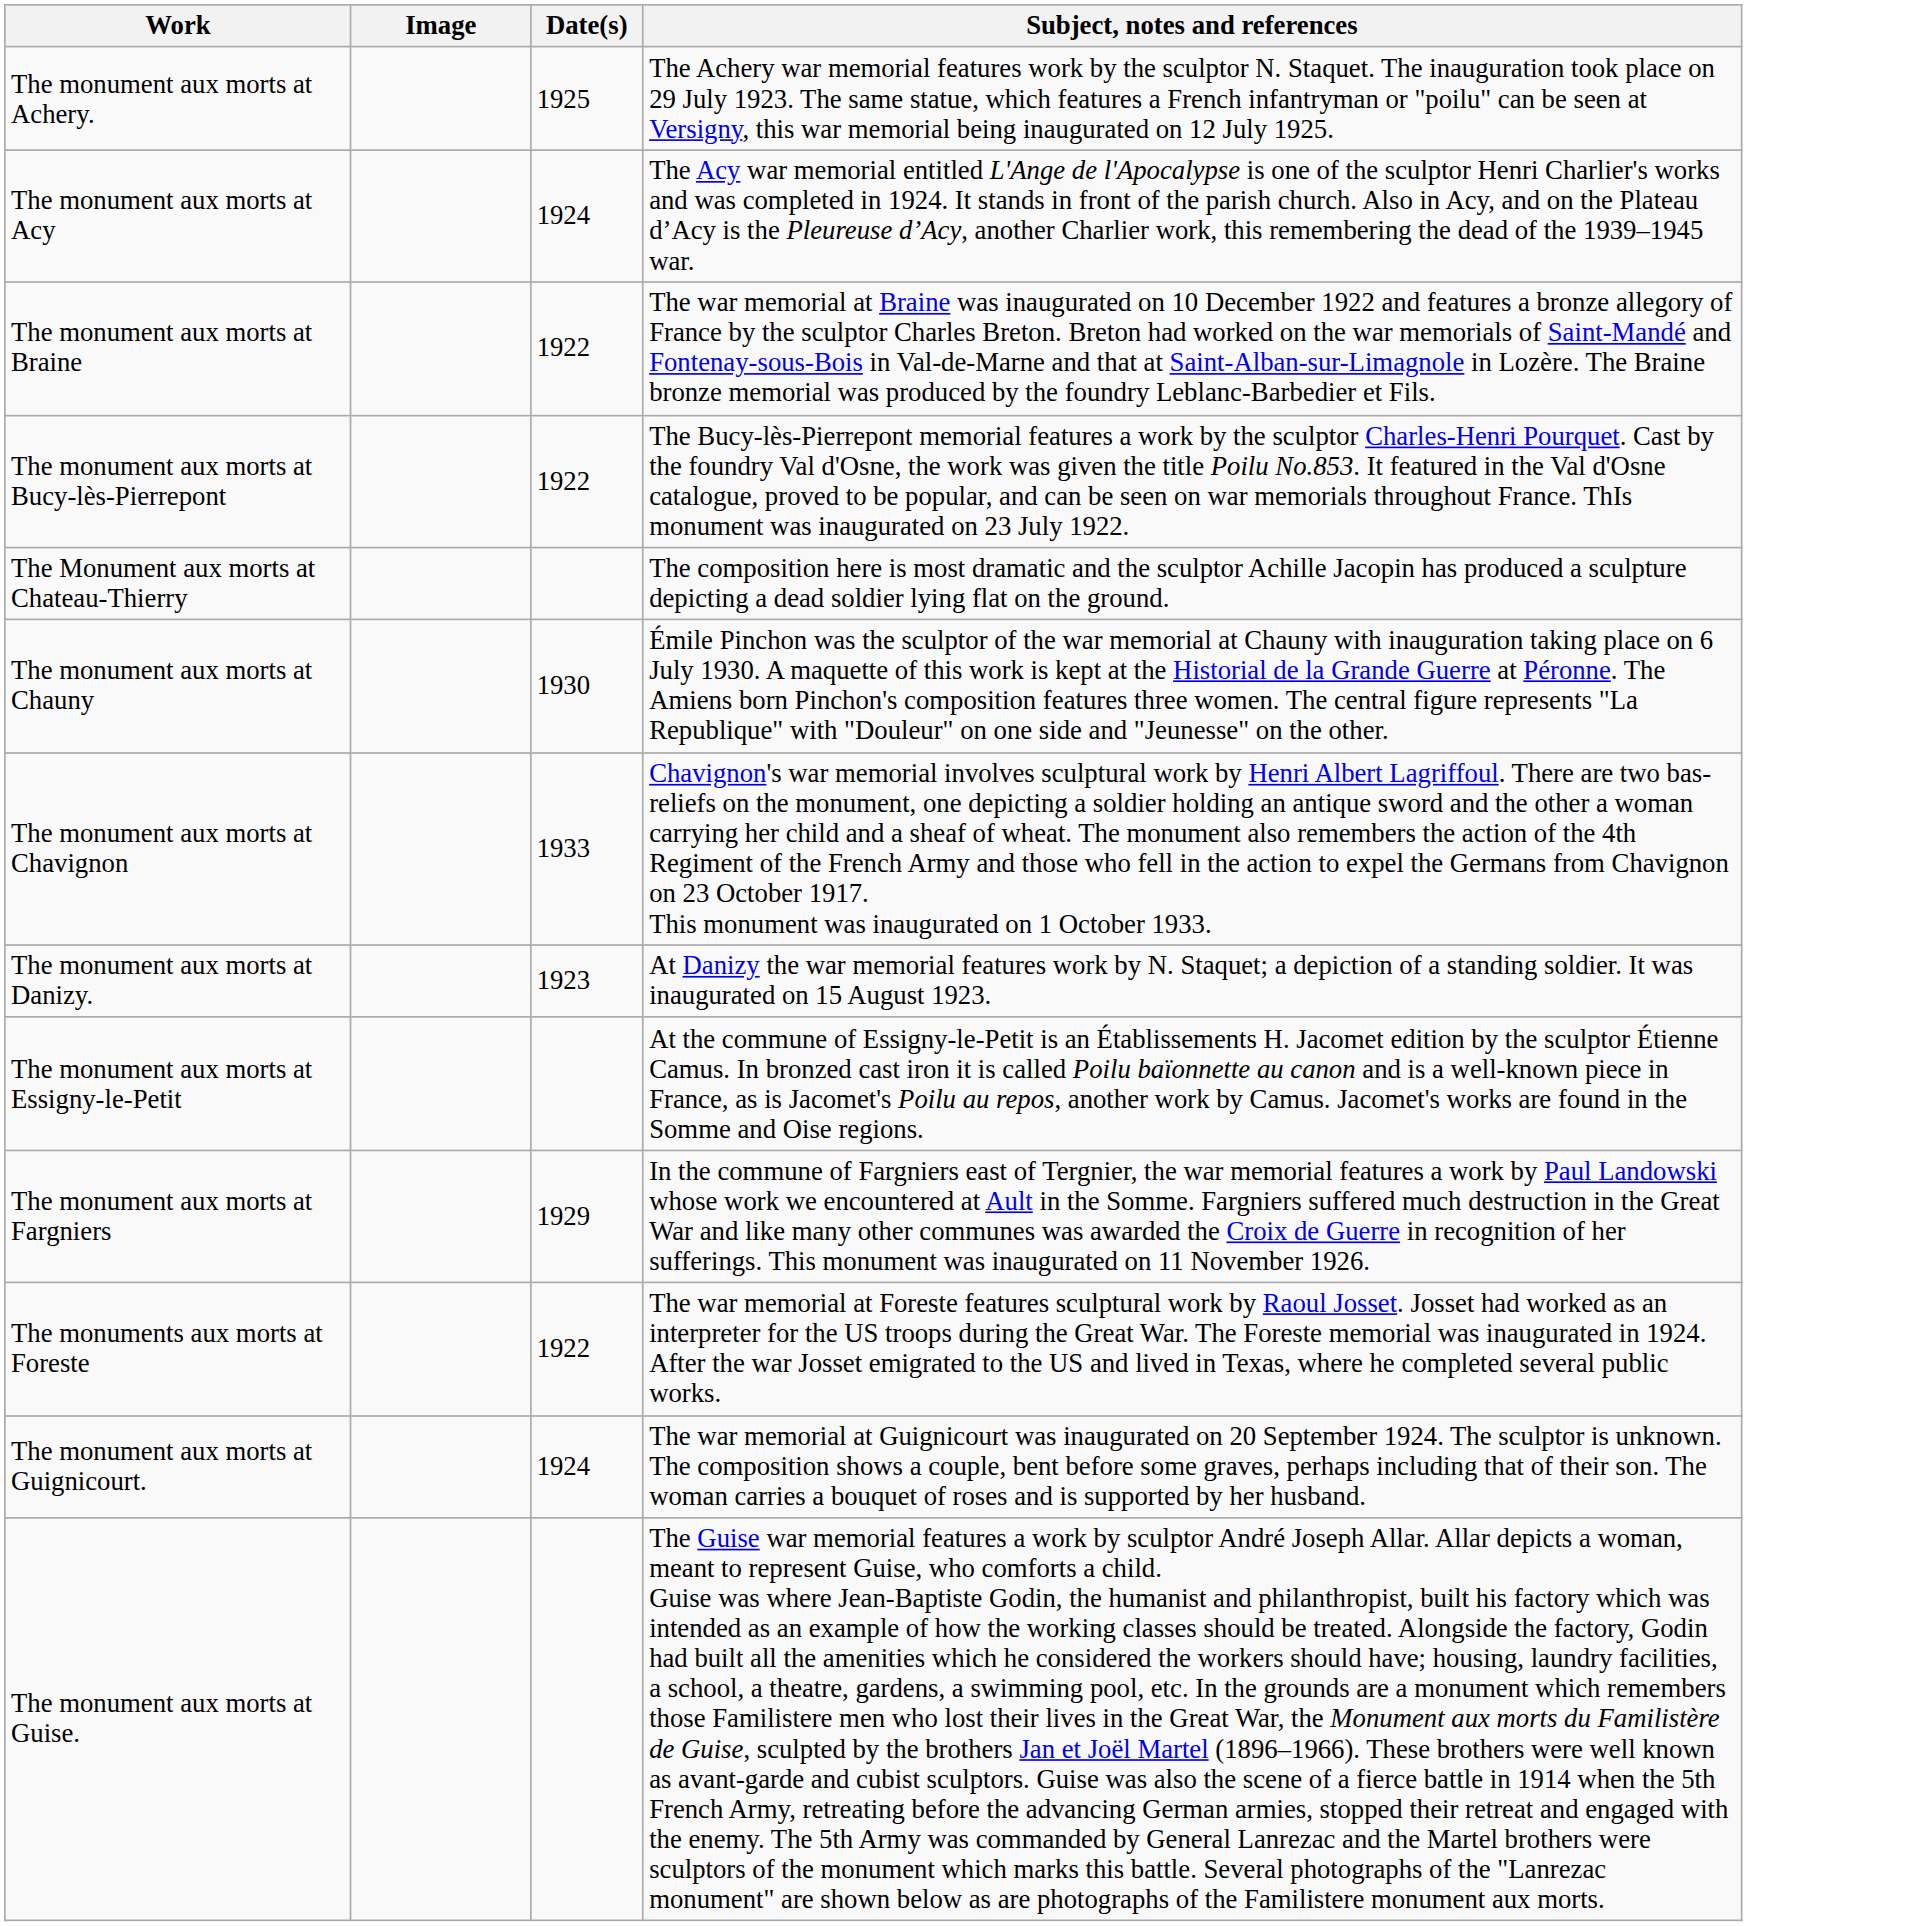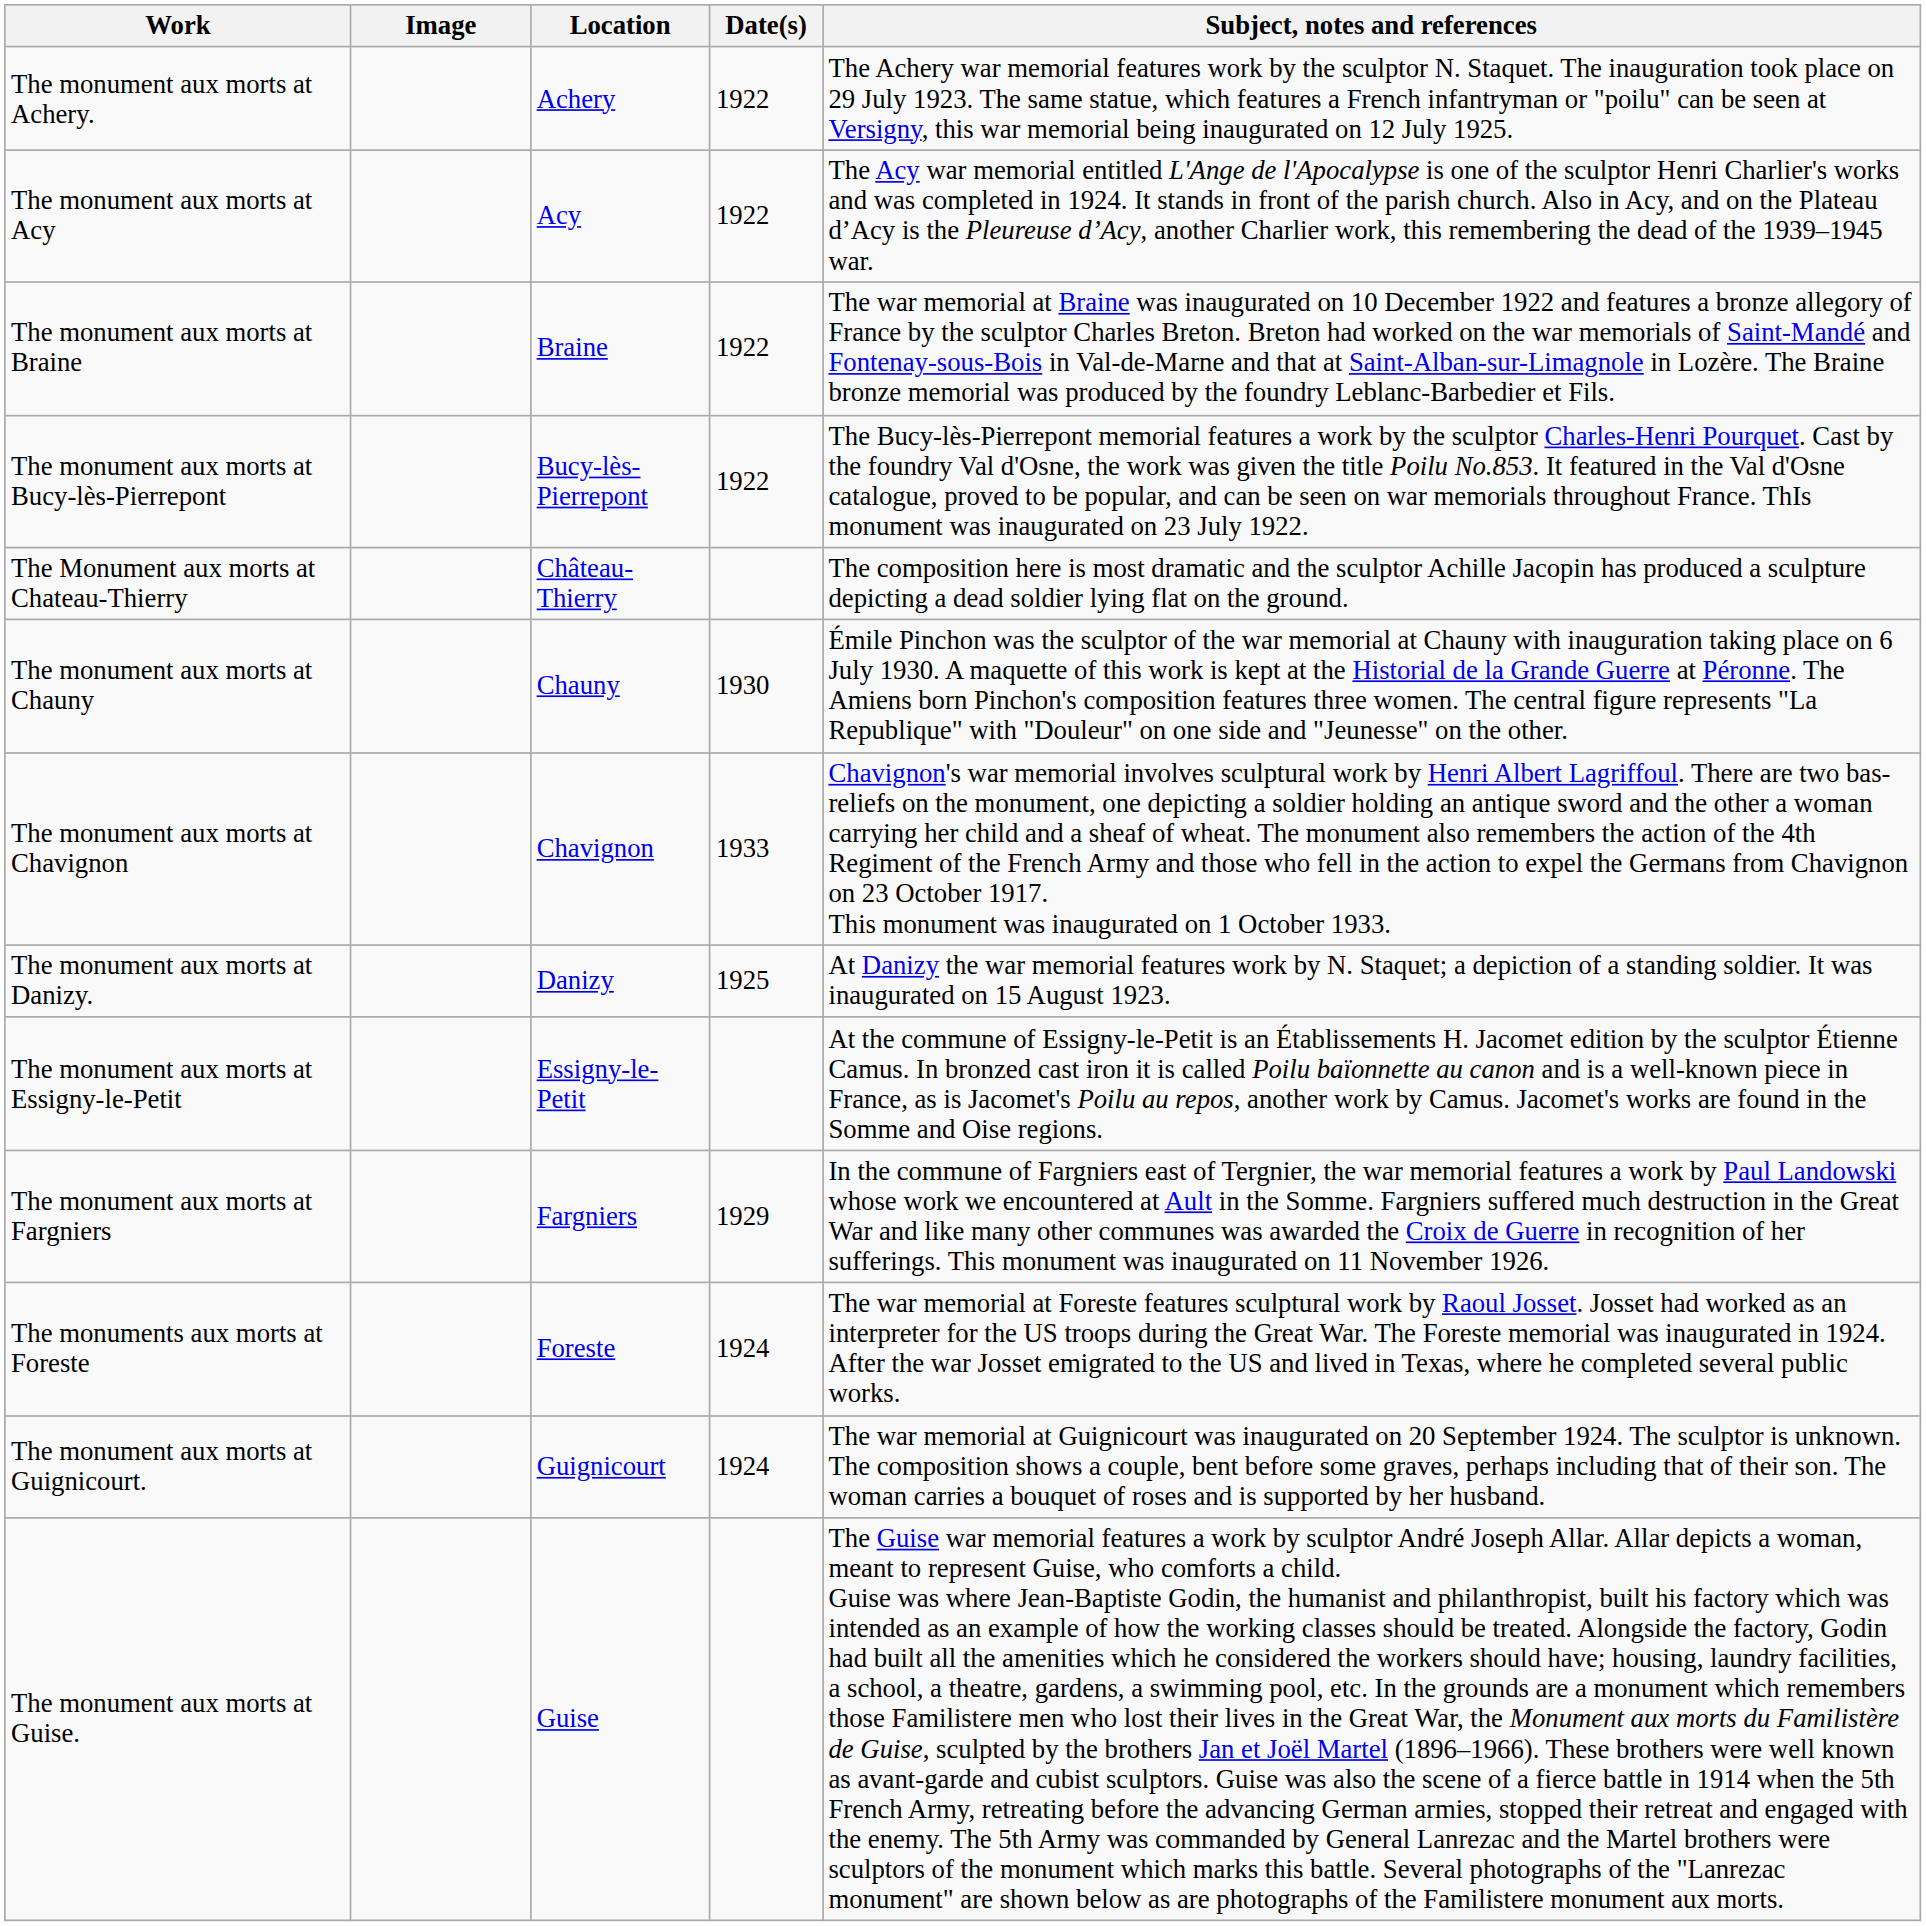 <table class="wikitable sortable">
 <tr>
 <th style="width:200px">Work</th>
 <th style="width:100px" class="sortable">Image</th>
+<th style="width:100px">Location</th>
 <th style="width:60px">Date(s)</th>
 <th style="width:650px" class="unsortable">Subject, notes and references</th>
 </tr>
 <tr>
 <td>The monument aux morts at Achery.</td>
 <td></td>
-<td>1925</td>
+<td><a href='#'>Achery</a></td>
+<td>1922</td>
 <td>The Achery war memorial features work by the sculptor N. Staquet. The inauguration took place on 29 July 1923. The same statue, which features a French infantryman or "poilu" can be seen at <a href='#'>Versigny</a>, this war memorial being inaugurated on 12 July 1925.</td>
 </tr>
 <tr>
 <td>The monument aux morts at Acy</td>
 <td></td>
-<td>1924</td>
+<td><a href='#'>Acy</a></td>
+<td>1922</td>
 <td>The <a href='#'>Acy</a> war memorial entitled <em>L'Ange de l'Apocalypse</em> is one of the sculptor Henri Charlier's works and was completed in 1924. It stands in front of the parish church. Also in Acy, and on the Plateau d’Acy is the <em>Pleureuse d’Acy</em>, another Charlier work, this remembering the dead of the 1939–1945 war.</td>
 </tr>
 <tr>
 <td>The monument aux morts at Braine</td>
 <td></td>
+<td><a href='#'>Braine</a></td>
 <td>1922</td>
 <td>The war memorial at <a href='#'>Braine</a> was inaugurated on 10 December 1922 and features a bronze allegory of France by the sculptor Charles Breton. Breton had worked on the war memorials of <a href='#'>Saint-Mandé</a> and <a href='#'>Fontenay-sous-Bois</a> in Val-de-Marne and that at <a href='#'>Saint-Alban-sur-Limagnole</a> in Lozère. The Braine bronze memorial was produced by the foundry Leblanc-Barbedier et Fils.</td>
 </tr>
 <tr>
 <td>The monument aux morts at Bucy-lès-Pierrepont</td>
 <td></td>
+<td><a href='#'>Bucy-lès-Pierrepont</a></td>
 <td>1922</td>
 <td>The Bucy-lès-Pierrepont memorial features a work by the sculptor <a href='#'>Charles-Henri Pourquet</a>. Cast by the foundry Val d'Osne, the work was given the title <em>Poilu No.853</em>. It featured in the Val d'Osne catalogue, proved to be popular, and can be seen on war memorials throughout France. ThIs monument was inaugurated on 23 July 1922.</td>
 </tr>
 <tr>
 <td>The Monument aux morts at Chateau-Thierry</td>
 <td></td>
+<td><a href='#'>Château-Thierry</a></td>
 <td></td>
 <td>The composition here is most dramatic and the sculptor Achille Jacopin has produced a sculpture depicting a dead soldier lying flat on the ground.</td>
 </tr>
 <tr>
 <td>The monument aux morts at Chauny</td>
 <td></td>
+<td><a href='#'>Chauny</a></td>
 <td>1930</td>
 <td>Émile Pinchon was the sculptor of the war memorial at Chauny with inauguration taking place on 6 July 1930. A maquette of this work is kept at the <a href='#'>Historial de la Grande Guerre</a> at <a href='#'>Péronne</a>. The Amiens born Pinchon's composition features three women. The central figure represents "La Republique" with "Douleur" on one side and "Jeunesse" on the other.</td>
 </tr>
 <tr>
 <td>The monument aux morts at Chavignon</td>
 <td></td>
+<td><a href='#'>Chavignon</a></td>
 <td>1933</td>
 <td><a href='#'>Chavignon</a>'s war memorial involves sculptural work by <a href='#'>Henri Albert Lagriffoul</a>. There are two bas-reliefs on the monument, one depicting a soldier holding an antique sword and the other a woman carrying her child and a sheaf of wheat. The monument also remembers the action of the 4th Regiment of the French Army and those who fell in the action to expel the Germans from Chavignon on 23 October 1917.<br>This monument was inaugurated on 1 October 1933.</td>
 </tr>
 <tr>
 <td>The monument aux morts at Danizy.</td>
 <td></td>
-<td>1923</td>
+<td><a href='#'>Danizy</a></td>
+<td>1925</td>
 <td>At <a href='#'>Danizy</a> the war memorial features work by N. Staquet; a depiction of a standing soldier. It was inaugurated on 15 August 1923.</td>
 </tr>
 <tr>
 <td>The monument aux morts at Essigny-le-Petit</td>
 <td></td>
+<td><a href='#'>Essigny-le-Petit</a></td>
 <td></td>
 <td>At the commune of Essigny-le-Petit is an Établissements H. Jacomet edition by the sculptor Étienne Camus. In bronzed cast iron it is called <em>Poilu baïonnette au canon</em> and is a well-known piece in France, as is Jacomet's <em>Poilu au repos</em>, another work by Camus. Jacomet's works are found in the Somme and Oise regions.</td>
 </tr>
 <tr>
 <td>The monument aux morts at Fargniers</td>
 <td></td>
+<td><a href='#'>Fargniers</a></td>
 <td>1929</td>
 <td>In the commune of Fargniers east of Tergnier, the war memorial features a work by <a href='#'>Paul Landowski</a> whose work we encountered at <a href='#'>Ault</a> in the Somme. Fargniers suffered much destruction in the Great War and like many other communes was awarded the <a href='#'>Croix de Guerre</a> in recognition of her sufferings. This monument was inaugurated on 11 November 1926.</td>
 </tr>
 <tr>
 <td>The monuments aux morts at Foreste</td>
 <td></td>
-<td>1922</td>
+<td><a href='#'>Foreste</a></td>
+<td>1924</td>
 <td>The war memorial at Foreste features sculptural work by <a href='#'>Raoul Josset</a>. Josset had worked as an interpreter for the US troops during the Great War. The Foreste memorial was inaugurated in 1924. After the war Josset emigrated to the US and lived in Texas, where he completed several public works.</td>
 </tr>
 <tr>
 <td>The monument aux morts at Guignicourt.</td>
 <td></td>
+<td><a href='#'>Guignicourt</a></td>
 <td>1924</td>
 <td>The war memorial at Guignicourt was inaugurated on 20 September 1924. The sculptor is unknown. The composition shows a couple, bent before some graves, perhaps including that of their son. The woman carries a bouquet of roses and is supported by her husband.</td>
 </tr>
 <tr>
 <td>The monument aux morts at Guise.</td>
 <td></td>
+<td><a href='#'>Guise</a></td>
 <td></td>
 <td>The <a href='#'>Guise</a> war memorial features a work by sculptor André Joseph Allar. Allar depicts a woman, meant to represent Guise, who comforts a child.<br>Guise was where Jean-Baptiste Godin, the humanist and philanthropist, built his factory which was intended as an example of how the working classes should be treated. Alongside the factory, Godin had built all the amenities which he considered the workers should have; housing, laundry facilities, a school, a theatre, gardens, a swimming pool, etc. In the grounds are a monument which remembers those Familistere men who lost their lives in the Great War, the <em>Monument aux morts du Familistère de Guise</em>, sculpted by the brothers <a href='#'>Jan et Joël Martel</a> (1896–1966). These brothers were well known as avant-garde and cubist sculptors. Guise was also the scene of a fierce battle in 1914 when the 5th French Army, retreating before the advancing German armies, stopped their retreat and engaged with the enemy. The 5th Army was commanded by General Lanrezac and the Martel brothers were sculptors of the monument which marks this battle. Several photographs of the "Lanrezac monument" are shown below as are photographs of the Familistere monument aux morts.</td>
 </tr>
 </table>
